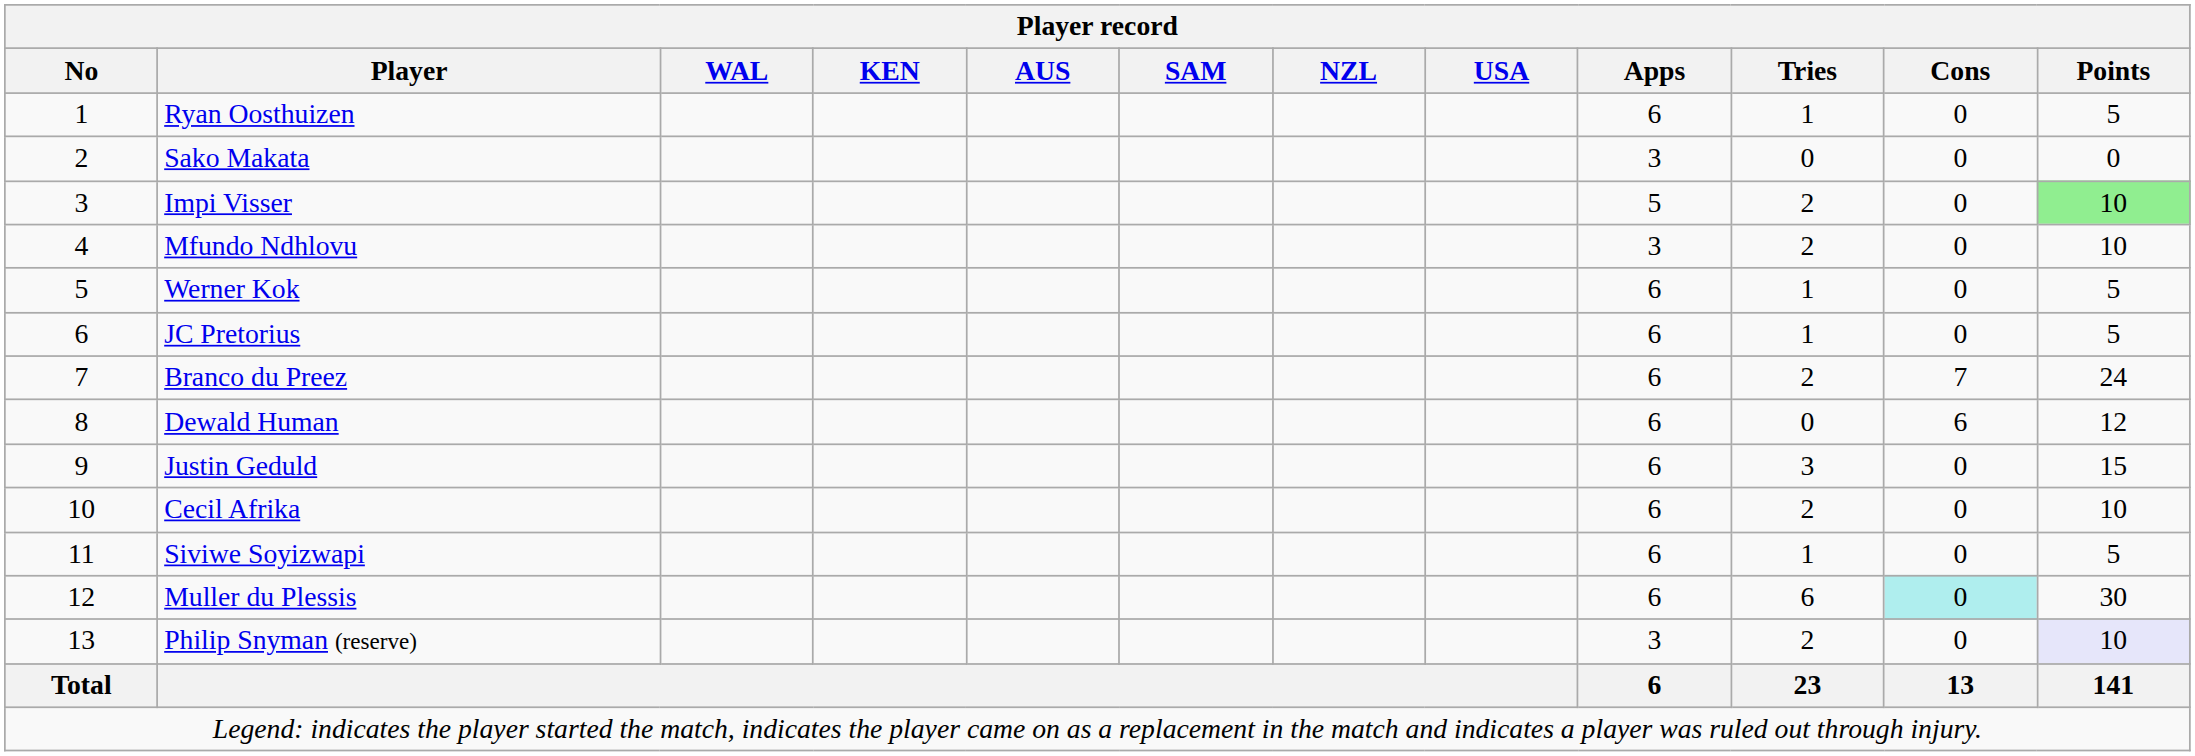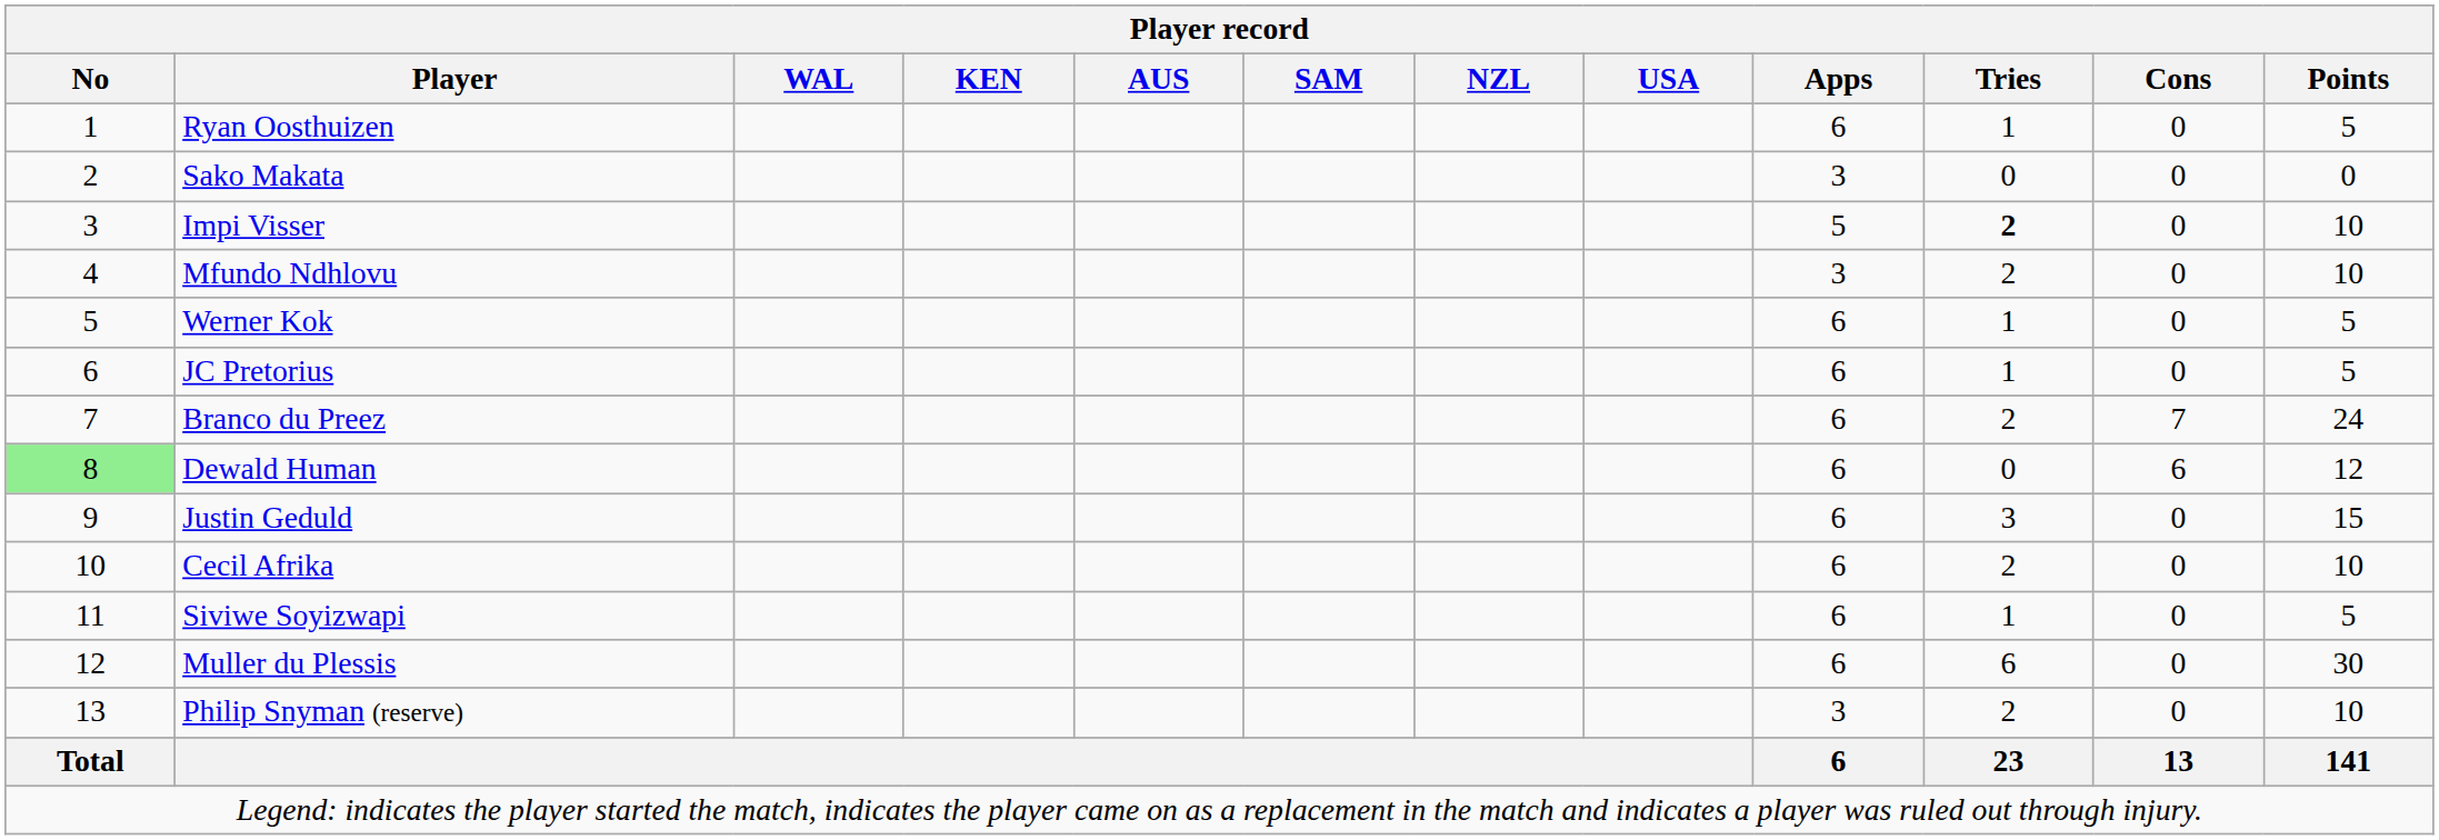 <table class="wikitable" style="text-align:center; width:100%">
 <tr>
 <th colspan="100%">Player record</th>
 </tr>
 <tr>
 <th style="width:7%;">No</th>
 <th style="width:23%;">Player</th>
 <th style="width:7%;"><a href='#'>WAL</a></th>
 <th style="width:7%;"><a href='#'>KEN</a></th>
 <th style="width:7%;"><a href='#'>AUS</a></th>
 <th style="width:7%;"><a href='#'>SAM</a></th>
 <th style="width:7%;"><a href='#'>NZL</a></th>
 <th style="width:7%;"><a href='#'>USA</a></th>
 <th style="width:7%;">Apps</th>
 <th style="width:7%;">Tries</th>
 <th style="width:7%;">Cons</th>
 <th style="width:7%;">Points</th>
 </tr>
 <tr>
 <td>1</td>
 <td style="text-align:left;"><a href='#'>Ryan Oosthuizen</a></td>
 <td></td>
 <td></td>
 <td></td>
 <td></td>
 <td></td>
 <td></td>
 <td>6</td>
 <td>1</td>
 <td>0</td>
 <td>5</td>
 </tr>
 <tr>
 <td>2</td>
 <td style="text-align:left;"><a href='#'>Sako Makata</a></td>
 <td></td>
 <td></td>
 <td></td>
 <td></td>
 <td></td>
 <td></td>
 <td>3</td>
 <td>0</td>
 <td>0</td>
 <td>0</td>
 </tr>
 <tr>
 <td>3</td>
 <td style="text-align:left;"><a href='#'>Impi Visser</a></td>
 <td></td>
 <td></td>
 <td></td>
 <td></td>
 <td></td>
 <td></td>
 <td>5</td>
-<td>2</td>
+<td><strong>2</strong></td>
 <td>0</td>
-<td style="background: lightgreen;">10</td>
+<td>10</td>
 </tr>
 <tr>
 <td>4</td>
 <td style="text-align:left;"><a href='#'>Mfundo Ndhlovu</a></td>
 <td></td>
 <td></td>
 <td></td>
 <td></td>
 <td></td>
 <td></td>
 <td>3</td>
 <td>2</td>
 <td>0</td>
 <td>10</td>
 </tr>
 <tr>
 <td>5</td>
 <td style="text-align:left;"><a href='#'>Werner Kok</a></td>
 <td></td>
 <td></td>
 <td></td>
 <td></td>
 <td></td>
 <td></td>
 <td>6</td>
 <td>1</td>
 <td>0</td>
 <td>5</td>
 </tr>
 <tr>
 <td>6</td>
 <td style="text-align:left;"><a href='#'>JC Pretorius</a></td>
 <td></td>
 <td></td>
 <td></td>
 <td></td>
 <td></td>
 <td></td>
 <td>6</td>
 <td>1</td>
 <td>0</td>
 <td>5</td>
 </tr>
 <tr>
 <td>7</td>
 <td style="text-align:left;"><a href='#'>Branco du Preez</a></td>
 <td></td>
 <td></td>
 <td></td>
 <td></td>
 <td></td>
 <td></td>
 <td>6</td>
 <td>2</td>
 <td>7</td>
 <td>24</td>
 </tr>
 <tr>
-<td>8</td>
+<td style="background: lightgreen;">8</td>
 <td style="text-align:left;"><a href='#'>Dewald Human</a></td>
 <td></td>
 <td></td>
 <td></td>
 <td></td>
 <td></td>
 <td></td>
 <td>6</td>
 <td>0</td>
 <td>6</td>
 <td>12</td>
 </tr>
 <tr>
 <td>9</td>
 <td style="text-align:left;"><a href='#'>Justin Geduld</a></td>
 <td></td>
 <td></td>
 <td></td>
 <td></td>
 <td></td>
 <td></td>
 <td>6</td>
 <td>3</td>
 <td>0</td>
 <td>15</td>
 </tr>
 <tr>
 <td>10</td>
 <td style="text-align:left;"><a href='#'>Cecil Afrika</a></td>
 <td></td>
 <td></td>
 <td></td>
 <td></td>
 <td></td>
 <td></td>
 <td>6</td>
 <td>2</td>
 <td>0</td>
 <td>10</td>
 </tr>
 <tr>
 <td>11</td>
 <td style="text-align:left;"><a href='#'>Siviwe Soyizwapi</a></td>
 <td></td>
 <td></td>
 <td></td>
 <td></td>
 <td></td>
 <td></td>
 <td>6</td>
 <td>1</td>
 <td>0</td>
 <td>5</td>
 </tr>
 <tr>
 <td>12</td>
 <td style="text-align:left;"><a href='#'>Muller du Plessis</a></td>
 <td></td>
 <td></td>
 <td></td>
 <td></td>
 <td></td>
 <td></td>
 <td>6</td>
 <td>6</td>
-<td style="background: paleturquoise;">0</td>
+<td>0</td>
 <td>30</td>
 </tr>
 <tr>
 <td>13</td>
 <td style="text-align:left;"><a href='#'>Philip Snyman</a> <small>(reserve)</small></td>
 <td></td>
 <td></td>
 <td></td>
 <td></td>
 <td></td>
 <td></td>
 <td>3</td>
 <td>2</td>
 <td>0</td>
-<td style="background: lavender;">10</td>
+<td>10</td>
 </tr>
 <tr>
 <th>Total</th>
 <th colspan="7"></th>
 <th>6</th>
 <th>23</th>
 <th>13</th>
 <th>141</th>
 </tr>
 <tr>
 <td colspan="100%"><em>Legend: <span></span> indicates the player started the match, <span></span> indicates the player came on as a replacement in the match and  indicates a player was ruled out through injury.</em></td>
 </tr>
 </table>
